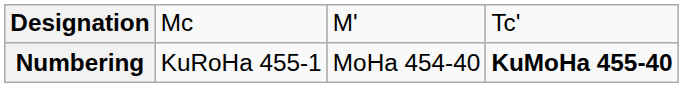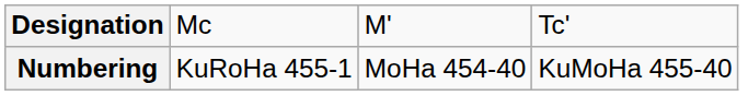 <table class="wikitable">
 <tr>
 <th>Designation</th>
 <td>Mc</td>
 <td>M'</td>
 <td>Tc'</td>
 </tr>
 <tr>
 <th>Numbering</th>
 <td>KuRoHa 455-1</td>
 <td>MoHa 454-40</td>
-<td><strong>KuMoHa 455-40</strong></td>
+<td>KuMoHa 455-40</td>
 </tr>
 </table>
